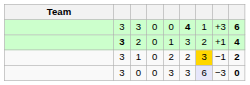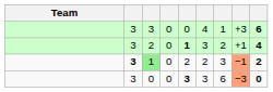 <table class="wikitable" style="text-align:center">
 <tr>
 <th width="175">Team</th>
 <th width="20"></th>
 <th width="20"></th>
 <th width="20"></th>
 <th width="20"></th>
 <th width="20"></th>
 <th width="20"></th>
 <th width="20"></th>
 <th width="20"></th>
 </tr>
 <tr bgcolor="#ccffcc">
 <td align="left"></td>
 <td>3</td>
 <td>3</td>
 <td>0</td>
 <td>0</td>
-<td><strong>4</strong></td>
+<td>4</td>
 <td>1</td>
 <td>+3</td>
 <td><strong>6</strong></td>
 </tr>
 <tr bgcolor="#ccffcc">
 <td align="left"></td>
-<td><strong>3</strong></td>
+<td>3</td>
 <td>2</td>
 <td>0</td>
-<td>1</td>
+<td><strong>1</strong></td>
 <td>3</td>
 <td>2</td>
 <td>+1</td>
 <td><strong>4</strong></td>
 </tr>
 <tr>
 <td align="left"></td>
-<td>3</td>
-<td>1</td>
+<td><strong>3</strong></td>
+<td style="background: lightgreen;">1</td>
 <td>0</td>
 <td>2</td>
 <td>2</td>
-<td style="background: gold;">3</td>
-<td>−1</td>
+<td>3</td>
+<td style="background: lightsalmon;">−1</td>
 <td><strong>2</strong></td>
 </tr>
 <tr>
 <td align="left"></td>
 <td>3</td>
 <td>0</td>
 <td>0</td>
+<td><strong>3</strong></td>
 <td>3</td>
-<td>3</td>
-<td style="background: lavender;">6</td>
-<td>−3</td>
+<td>6</td>
+<td style="background: lightsalmon;">−3</td>
 <td><strong>0</strong></td>
 </tr>
 </table>
